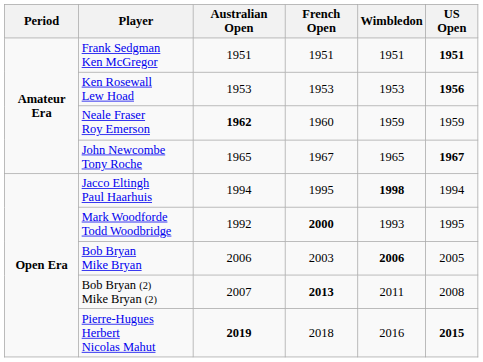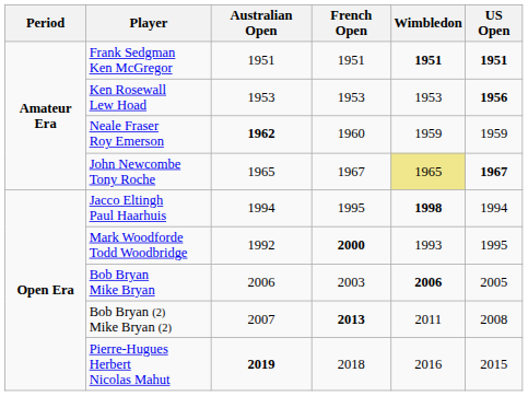 <table class="wikitable sortable mw-datatable" style="text-align:center;">
 <tr>
 <th>Period</th>
 <th>Player</th>
 <th>Australian Open</th>
 <th>French Open</th>
 <th>Wimbledon</th>
 <th>US Open</th>
 </tr>
 <tr>
 <td rowspan="4"><strong>Amateur Era</strong></td>
 <td style="text-align:left;"> <a href='#'>Frank Sedgman</a><br> <a href='#'>Ken McGregor</a></td>
 <td>1951</td>
 <td>1951</td>
-<td>1951</td>
+<td><strong>1951</strong></td>
 <td><strong>1951</strong></td>
 </tr>
 <tr>
 <td style="text-align:left;"> <a href='#'>Ken Rosewall</a><br> <a href='#'>Lew Hoad</a></td>
 <td>1953</td>
 <td>1953</td>
 <td>1953</td>
 <td><strong>1956</strong></td>
 </tr>
 <tr>
 <td style="text-align:left;"> <a href='#'>Neale Fraser</a><br> <a href='#'>Roy Emerson</a></td>
 <td><strong>1962</strong></td>
 <td>1960</td>
 <td>1959</td>
 <td>1959</td>
 </tr>
 <tr>
 <td style="text-align:left;"> <a href='#'>John Newcombe</a><br> <a href='#'>Tony Roche</a></td>
 <td>1965</td>
 <td>1967</td>
-<td>1965</td>
+<td style="background: khaki;">1965</td>
 <td><strong>1967</strong></td>
 </tr>
 <tr>
 <td rowspan="5"><strong>Open Era</strong></td>
 <td style="text-align:left;"> <a href='#'>Jacco Eltingh</a><br> <a href='#'>Paul Haarhuis</a></td>
 <td>1994</td>
 <td>1995</td>
 <td><strong>1998</strong></td>
 <td>1994</td>
 </tr>
 <tr>
 <td style="text-align:left;"> <a href='#'>Mark Woodforde</a><br> <a href='#'>Todd Woodbridge</a></td>
 <td>1992</td>
 <td><strong>2000</strong></td>
 <td>1993</td>
 <td>1995</td>
 </tr>
 <tr>
 <td style="text-align:left;"> <a href='#'>Bob Bryan</a><br> <a href='#'>Mike Bryan</a></td>
 <td>2006</td>
 <td>2003</td>
 <td><strong>2006</strong></td>
 <td>2005</td>
 </tr>
 <tr>
 <td style="text-align:left;"> Bob Bryan <small>(2)</small><br> Mike Bryan <small>(2)</small></td>
 <td>2007</td>
 <td><strong>2013</strong></td>
 <td>2011</td>
 <td>2008</td>
 </tr>
 <tr>
 <td style="text-align:left;"> <a href='#'>Pierre-Hugues Herbert</a><br> <a href='#'>Nicolas Mahut</a></td>
 <td><strong>2019</strong></td>
 <td>2018</td>
 <td>2016</td>
-<td><strong>2015</strong></td>
+<td>2015</td>
 </tr>
 </table>
